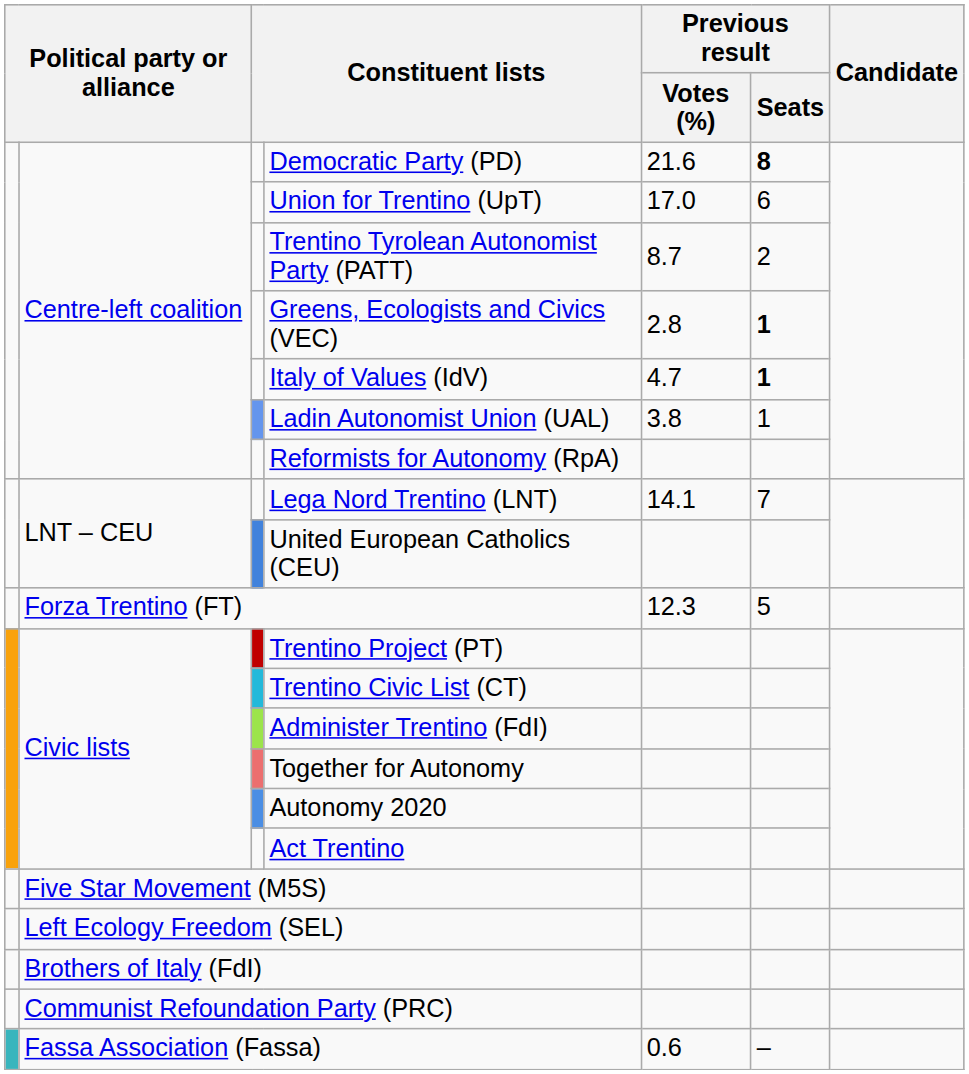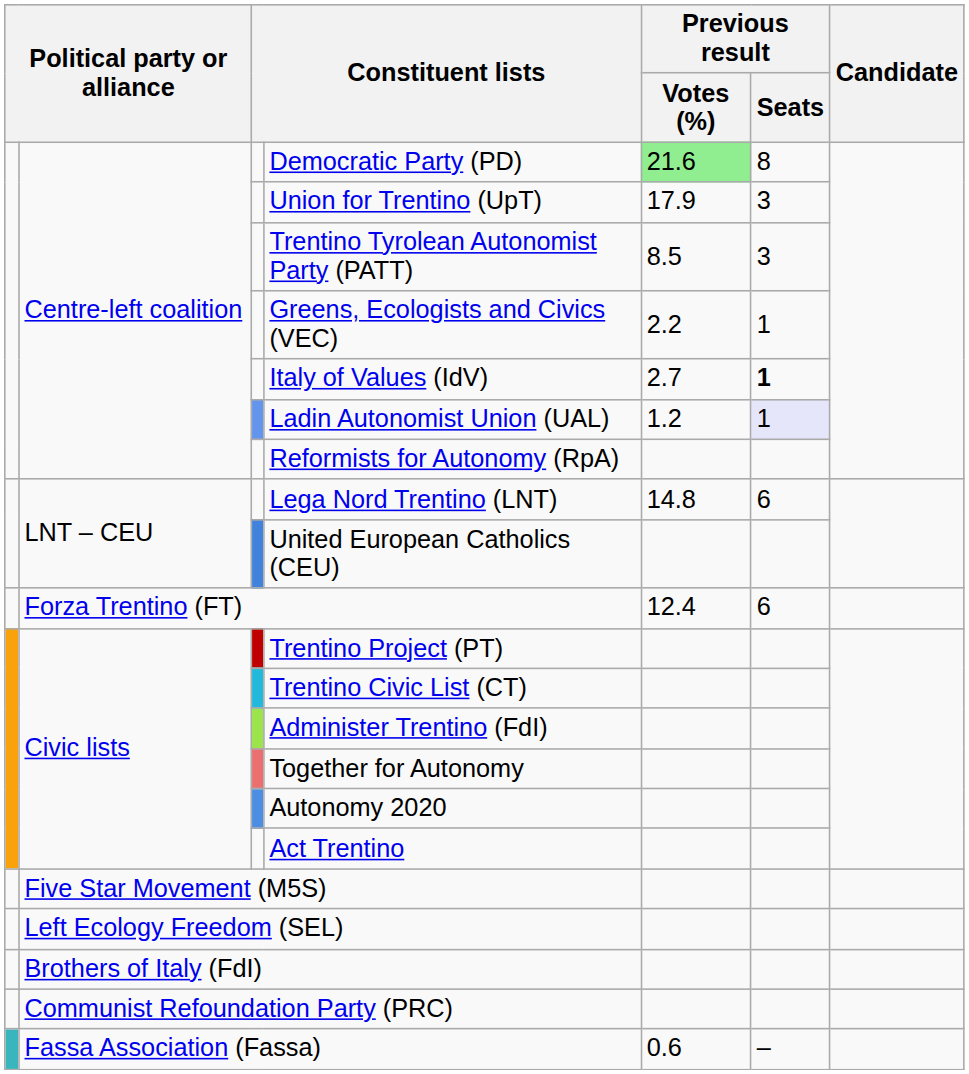 <table class="wikitable" style="text-align:left">
 <tr>
 <th colspan=2 rowspan="2">Political party or alliance</th>
 <th colspan=2 rowspan="2">Constituent lists</th>
 <th colspan="2">Previous result</th>
 <th colspan="2" rowspan="2">Candidate</th>
 </tr>
 <tr>
 <th>Votes (%)</th>
 <th>Seats</th>
 </tr>
 <tr>
 <td rowspan="7"></td>
 <td rowspan=7><a href='#'>Centre-left coalition</a></td>
 <td></td>
 <td style="text-align:left;"><a href='#'>Democratic Party</a> (PD)</td>
-<td>21.6</td>
-<td><strong>8</strong></td>
+<td style="background: lightgreen;">21.6</td>
+<td>8</td>
 <td rowspan="7"></td>
 </tr>
 <tr>
 <td style="background-color:"></td>
 <td><a href='#'>Union for Trentino</a> (UpT)</td>
-<td>17.0</td>
-<td>6</td>
+<td>17.9</td>
+<td>3</td>
 </tr>
 <tr>
 <td style="background-color:"></td>
 <td><a href='#'>Trentino Tyrolean Autonomist Party</a> (PATT)</td>
-<td>8.7</td>
-<td>2</td>
+<td>8.5</td>
+<td>3</td>
 </tr>
 <tr>
 <td style="background-color:"></td>
 <td><a href='#'>Greens, Ecologists and Civics</a> (VEC)</td>
-<td>2.8</td>
-<td><strong>1</strong></td>
+<td>2.2</td>
+<td>1</td>
 </tr>
 <tr>
 <td style="background-color:"></td>
 <td><a href='#'>Italy of Values</a> (IdV)</td>
-<td>4.7</td>
+<td>2.7</td>
 <td><strong>1</strong></td>
 </tr>
 <tr>
 <td style="background-color:#6495ED"></td>
 <td><a href='#'>Ladin Autonomist Union</a> (UAL)</td>
-<td>3.8</td>
-<td>1</td>
+<td>1.2</td>
+<td style="background: lavender;">1</td>
 </tr>
 <tr>
 <td style="background-color:"></td>
 <td><a href='#'>Reformists for Autonomy</a> (RpA)</td>
 <td></td>
 <td></td>
 </tr>
 <tr>
 <td rowspan="2" style="background:"></td>
 <td rowspan=2>LNT – CEU</td>
 <td></td>
 <td style="text-align:left;"><a href='#'>Lega Nord Trentino</a> (LNT)</td>
-<td>14.1</td>
-<td>7</td>
+<td>14.8</td>
+<td>6</td>
 <td rowspan="2"></td>
 </tr>
 <tr>
 <td bgcolor="#4182DC"></td>
 <td style="text-align:left;">United European Catholics (CEU)</td>
 <td></td>
 <td></td>
 </tr>
 <tr>
 <td style="background-color:"></td>
 <td colspan="3"><a href='#'>Forza Trentino</a> (FT)</td>
-<td>12.3</td>
-<td>5</td>
+<td>12.4</td>
+<td>6</td>
 <td></td>
 </tr>
 <tr>
 <td rowspan="6" style="background:#F9A20B;"></td>
 <td rowspan=6><a href='#'>Civic lists</a></td>
 <td bgcolor="#C00000"></td>
 <td style="text-align:left;"><a href='#'>Trentino Project</a> (PT)</td>
 <td></td>
 <td></td>
 <td rowspan="6"></td>
 </tr>
 <tr>
 <td bgcolor="#23b9da"></td>
 <td style="text-align:left;"><a href='#'>Trentino Civic List</a> (CT)</td>
 <td></td>
 <td></td>
 </tr>
 <tr>
 <td bgcolor="#9CE44B"></td>
 <td style="text-align:left;"><a href='#'>Administer Trentino</a> (FdI)</td>
 <td></td>
 <td></td>
 </tr>
 <tr>
 <td bgcolor="#EC6F6F"></td>
 <td style="text-align:left;">Together for Autonomy</td>
 <td></td>
 <td></td>
 </tr>
 <tr>
 <td bgcolor="#4B8EE4"></td>
 <td style="text-align:left;">Autonomy 2020</td>
 <td></td>
 <td></td>
 </tr>
 <tr>
 <td></td>
 <td style="text-align:left;"><a href='#'>Act Trentino</a></td>
 <td></td>
 <td></td>
 </tr>
 <tr>
 <td style="background-color:"></td>
 <td colspan="3"><a href='#'>Five Star Movement</a> (M5S)</td>
 <td></td>
 <td></td>
 <td></td>
 </tr>
 <tr>
 <td style="background-color:"></td>
 <td colspan="3"><a href='#'>Left Ecology Freedom</a> (SEL)</td>
 <td></td>
 <td></td>
 <td></td>
 </tr>
 <tr>
 <td style="background-color:"></td>
 <td colspan="3"><a href='#'>Brothers of Italy</a> (FdI)</td>
 <td></td>
 <td></td>
 <td></td>
 </tr>
 <tr>
 <td style="background-color:"></td>
 <td colspan="3"><a href='#'>Communist Refoundation Party</a> (PRC)</td>
 <td></td>
 <td></td>
 <td></td>
 </tr>
 <tr>
 <td style="background-color:#39B5BD"></td>
 <td colspan="3"><a href='#'>Fassa Association</a> (Fassa)</td>
 <td>0.6</td>
 <td>–</td>
 <td></td>
 </tr>
 </table>
